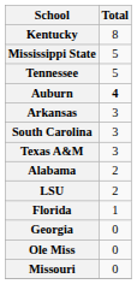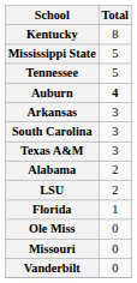 <table class=wikitable style="text-align:center">
 <tr>
 <th>School</th>
 <th>Total</th>
 </tr>
 <tr>
 <th>Kentucky</th>
 <td>8</td>
 </tr>
 <tr>
 <th>Mississippi State</th>
 <td>5</td>
 </tr>
 <tr>
 <th>Tennessee</th>
 <td>5</td>
 </tr>
 <tr>
 <th>Auburn</th>
 <td><strong>4</strong></td>
 </tr>
 <tr>
 <th>Arkansas</th>
 <td>3</td>
 </tr>
 <tr>
 <th>South Carolina</th>
 <td>3</td>
 </tr>
 <tr>
 <th>Texas A&M</th>
 <td>3</td>
 </tr>
 <tr>
 <th>Alabama</th>
 <td>2</td>
 </tr>
 <tr>
 <th>LSU</th>
 <td>2</td>
 </tr>
 <tr>
 <th>Florida</th>
 <td>1</td>
 </tr>
 <tr>
-<th>Georgia</th>
-<td>0</td>
-</tr>
-<tr>
 <th>Ole Miss</th>
 <td>0</td>
 </tr>
 <tr>
 <th>Missouri</th>
 <td>0</td>
 </tr>
 <tr>
+<th style=>Vanderbilt</th>
+<td>0</td>
+</tr>
+<tr>
 </tr>
 </table>
